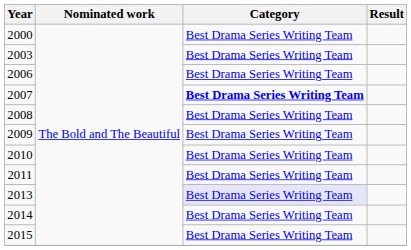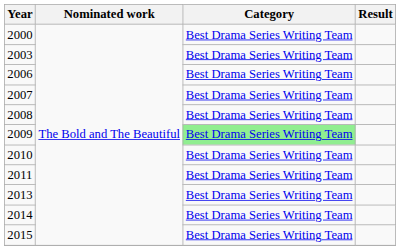 <table class="wikitable sortable">
 <tr>
 <th>Year</th>
 <th>Nominated work</th>
 <th>Category</th>
 <th>Result</th>
 </tr>
 <tr>
 <td style="text-align:center;">2000</td>
 <td rowspan=11><a href='#'>The Bold and The Beautiful</a></td>
 <td><a href='#'>Best Drama Series Writing Team</a></td>
 <td></td>
 </tr>
 <tr>
 <td style="text-align:center;">2003</td>
 <td><a href='#'>Best Drama Series Writing Team</a></td>
 <td></td>
 </tr>
 <tr>
 <td style="text-align:center;">2006</td>
 <td><a href='#'>Best Drama Series Writing Team</a></td>
 <td></td>
 </tr>
 <tr>
 <td style="text-align:center;">2007</td>
-<td><strong><a href='#'>Best Drama Series Writing Team</a></strong></td>
+<td><a href='#'>Best Drama Series Writing Team</a></td>
 <td></td>
 </tr>
 <tr>
 <td style="text-align:center;">2008</td>
 <td><a href='#'>Best Drama Series Writing Team</a></td>
 <td></td>
 </tr>
 <tr>
 <td style="text-align:center;">2009</td>
-<td><a href='#'>Best Drama Series Writing Team</a></td>
+<td style="background: lightgreen;"><a href='#'>Best Drama Series Writing Team</a></td>
 <td></td>
 </tr>
 <tr>
 <td style="text-align:center;">2010</td>
 <td><a href='#'>Best Drama Series Writing Team</a></td>
 <td></td>
 </tr>
 <tr>
 <td style="text-align:center;">2011</td>
 <td><a href='#'>Best Drama Series Writing Team</a></td>
 <td></td>
 </tr>
 <tr>
 <td style="text-align:center;">2013</td>
-<td style="background: lavender;"><a href='#'>Best Drama Series Writing Team</a></td>
+<td><a href='#'>Best Drama Series Writing Team</a></td>
 <td></td>
 </tr>
 <tr>
 <td style="text-align:center;">2014</td>
 <td><a href='#'>Best Drama Series Writing Team</a></td>
 <td></td>
 </tr>
 <tr>
 <td style="text-align:center;">2015</td>
 <td><a href='#'>Best Drama Series Writing Team</a></td>
 <td></td>
 </tr>
 <tr>
 </tr>
 </table>
